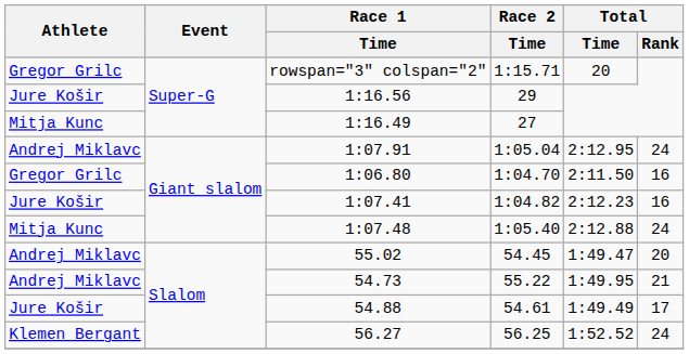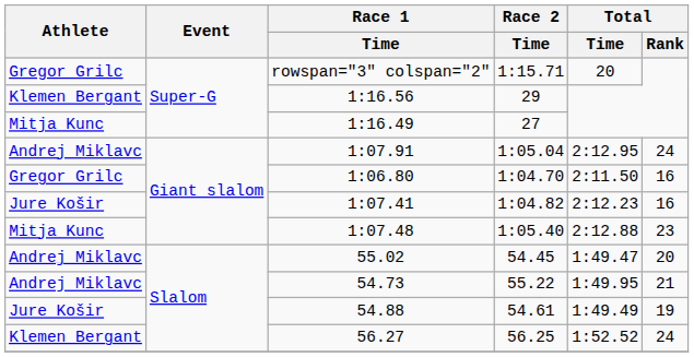 <table class="wikitable" style="font-size:90%">
 <tr>
 <th rowspan="2">Athlete</th>
 <th rowspan="2">Event</th>
 <th>Race 1</th>
 <th>Race 2</th>
 <th colspan="2">Total</th>
 </tr>
 <tr>
 <th>Time</th>
 <th>Time</th>
 <th>Time</th>
 <th>Rank</th>
 </tr>
 <tr>
 <td><a href='#'>Gregor Grilc</a></td>
 <td rowspan="3"><a href='#'>Super-G</a></td>
 <td>rowspan="3" colspan="2"</td>
 <td align="center">1:15.71</td>
 <td align="center">20</td>
 </tr>
 <tr>
-<td><a href='#'>Jure Košir</a></td>
+<td><a href='#'>Klemen Bergant</a></td>
 <td align="center">1:16.56</td>
 <td align="center">29</td>
 </tr>
 <tr>
 <td><a href='#'>Mitja Kunc</a></td>
 <td align="center">1:16.49</td>
 <td align="center">27</td>
 </tr>
 <tr>
 <td><a href='#'>Andrej Miklavc</a></td>
 <td rowspan="4"><a href='#'>Giant slalom</a></td>
 <td align="center">1:07.91</td>
 <td align="center">1:05.04</td>
 <td align="center">2:12.95</td>
 <td align="center">24</td>
 </tr>
 <tr>
 <td><a href='#'>Gregor Grilc</a></td>
 <td align="center">1:06.80</td>
 <td align="center">1:04.70</td>
 <td align="center">2:11.50</td>
 <td align="center">16</td>
 </tr>
 <tr>
 <td><a href='#'>Jure Košir</a></td>
 <td align="center">1:07.41</td>
 <td align="center">1:04.82</td>
 <td align="center">2:12.23</td>
 <td align="center">16</td>
 </tr>
 <tr>
 <td><a href='#'>Mitja Kunc</a></td>
 <td align="center">1:07.48</td>
 <td align="center">1:05.40</td>
 <td align="center">2:12.88</td>
-<td align="center">24</td>
+<td align="center">23</td>
 </tr>
 <tr>
 <td><a href='#'>Andrej Miklavc</a></td>
 <td rowspan="4"><a href='#'>Slalom</a></td>
 <td align="center">55.02</td>
 <td align="center">54.45</td>
 <td align="center">1:49.47</td>
 <td align="center">20</td>
 </tr>
 <tr>
 <td><a href='#'>Andrej Miklavc</a></td>
 <td align="center">54.73</td>
 <td align="center">55.22</td>
 <td align="center">1:49.95</td>
 <td align="center">21</td>
 </tr>
 <tr>
 <td><a href='#'>Jure Košir</a></td>
 <td align="center">54.88</td>
 <td align="center">54.61</td>
 <td align="center">1:49.49</td>
-<td align="center">17</td>
+<td align="center">19</td>
 </tr>
 <tr>
 <td><a href='#'>Klemen Bergant</a></td>
 <td align="center">56.27</td>
 <td align="center">56.25</td>
 <td align="center">1:52.52</td>
 <td align="center">24</td>
 </tr>
 <tr>
 </tr>
 </table>
